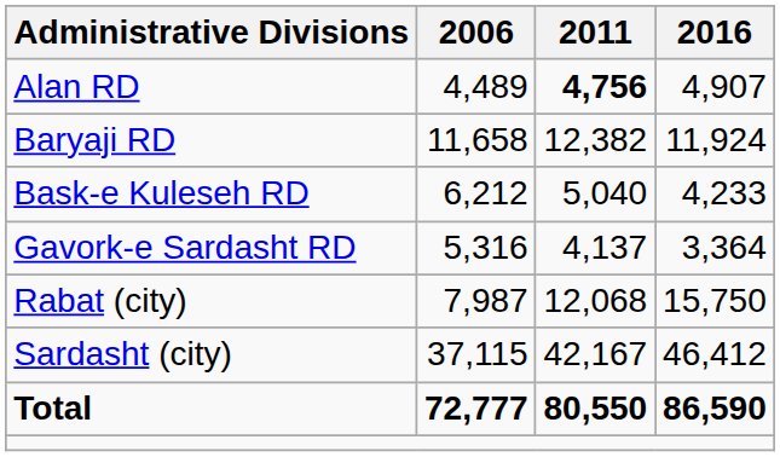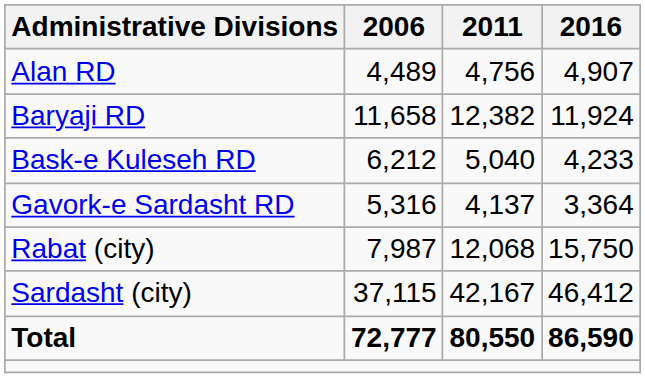 <table class="wikitable">
 <tr>
 <th>Administrative Divisions</th>
 <th>2006</th>
 <th>2011</th>
 <th>2016</th>
 </tr>
 <tr>
 <td><a href='#'>Alan RD</a></td>
 <td style="text-align: right;">4,489</td>
-<td style="text-align: right;"><strong>4,756</strong></td>
+<td style="text-align: right;">4,756</td>
 <td style="text-align: right;">4,907</td>
 </tr>
 <tr>
 <td><a href='#'>Baryaji RD</a></td>
 <td style="text-align: right;">11,658</td>
 <td style="text-align: right;">12,382</td>
 <td style="text-align: right;">11,924</td>
 </tr>
 <tr>
 <td><a href='#'>Bask-e Kuleseh RD</a></td>
 <td style="text-align: right;">6,212</td>
 <td style="text-align: right;">5,040</td>
 <td style="text-align: right;">4,233</td>
 </tr>
 <tr>
 <td><a href='#'>Gavork-e Sardasht RD</a></td>
 <td style="text-align: right;">5,316</td>
 <td style="text-align: right;">4,137</td>
 <td style="text-align: right;">3,364</td>
 </tr>
 <tr>
 <td><a href='#'>Rabat</a> (city)</td>
 <td style="text-align: right;">7,987</td>
 <td style="text-align: right;">12,068</td>
 <td style="text-align: right;">15,750</td>
 </tr>
 <tr>
 <td><a href='#'>Sardasht</a> (city)</td>
 <td style="text-align: right;">37,115</td>
 <td style="text-align: right;">42,167</td>
 <td style="text-align: right;">46,412</td>
 </tr>
 <tr>
 <td><strong>Total</strong></td>
 <td style="text-align: right;"><strong>72,777</strong></td>
 <td style="text-align: right;"><strong>80,550</strong></td>
 <td style="text-align: right;"><strong>86,590</strong></td>
 </tr>
 <tr>
 <td colspan=4></td>
 </tr>
 </table>
